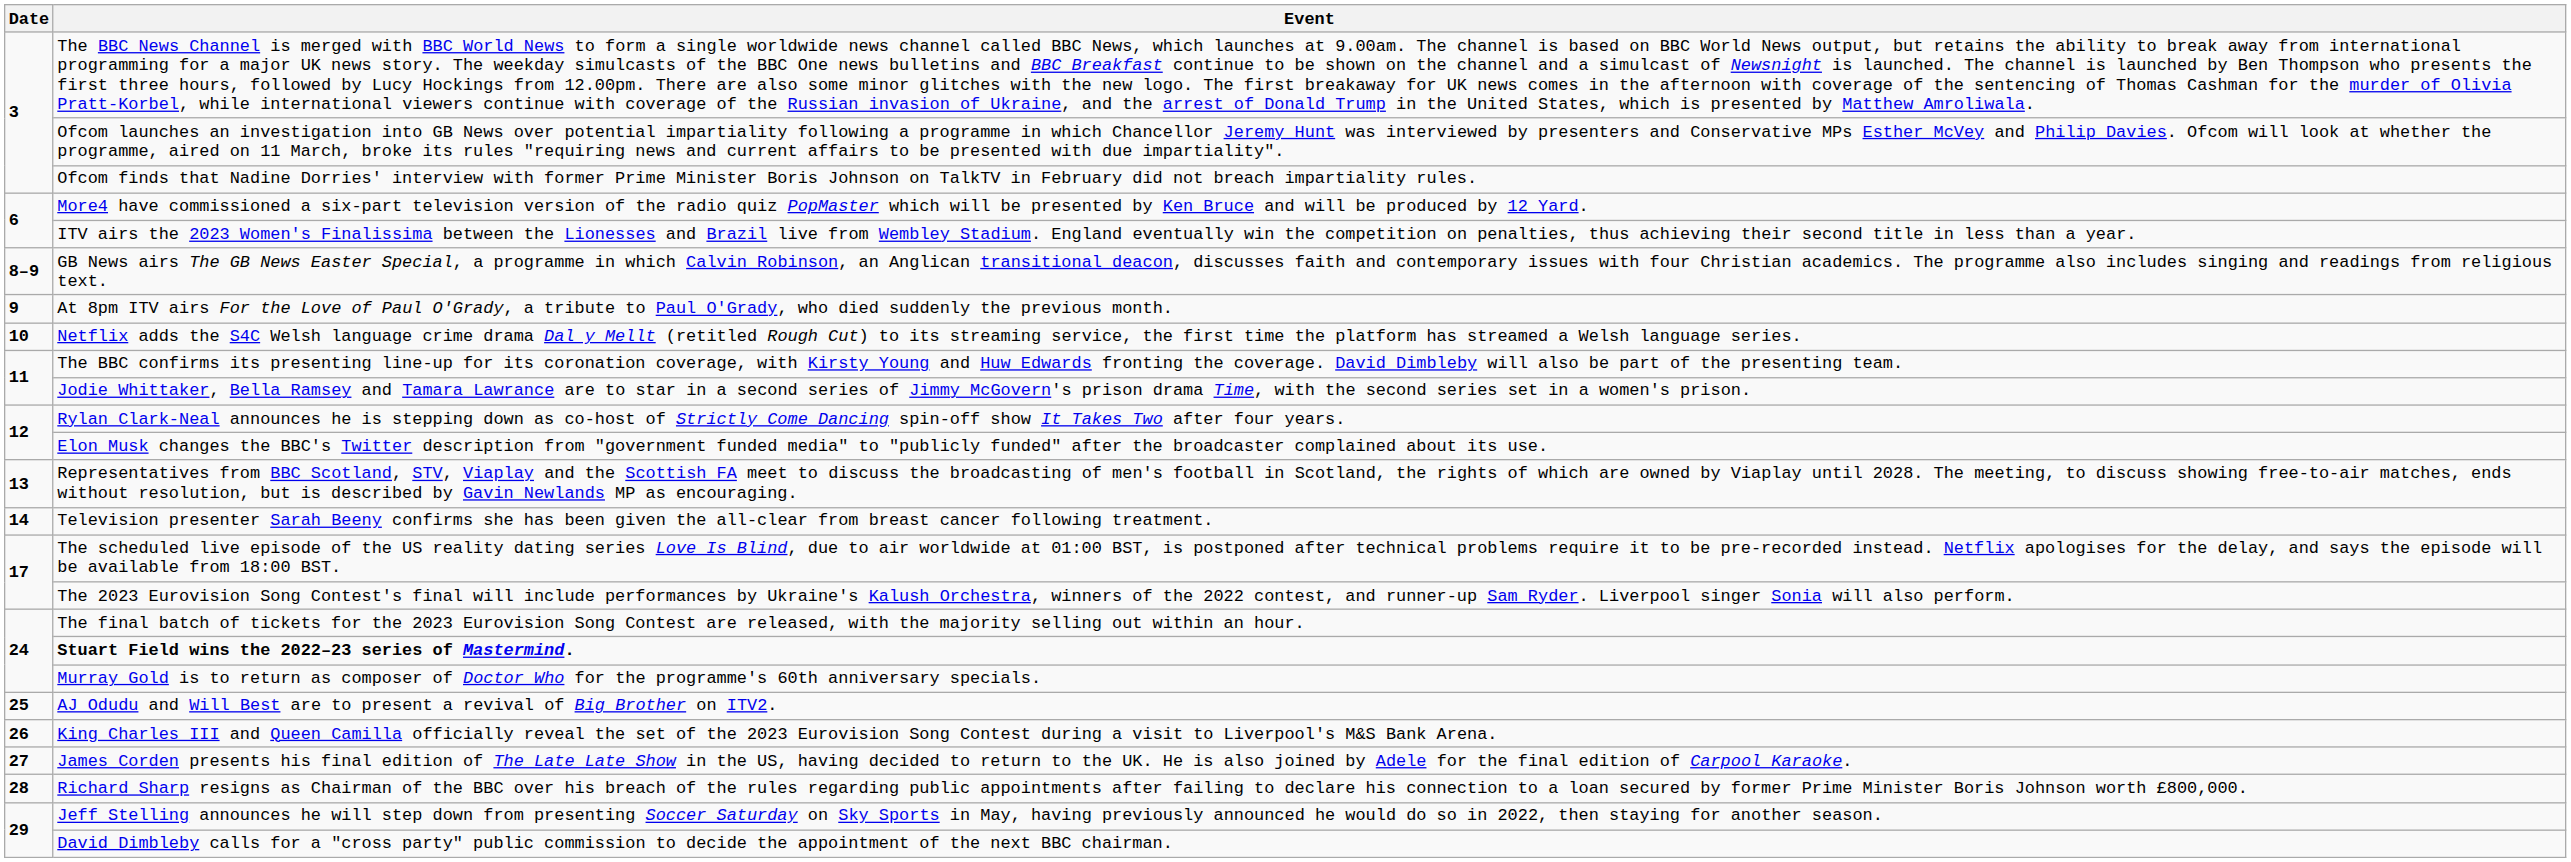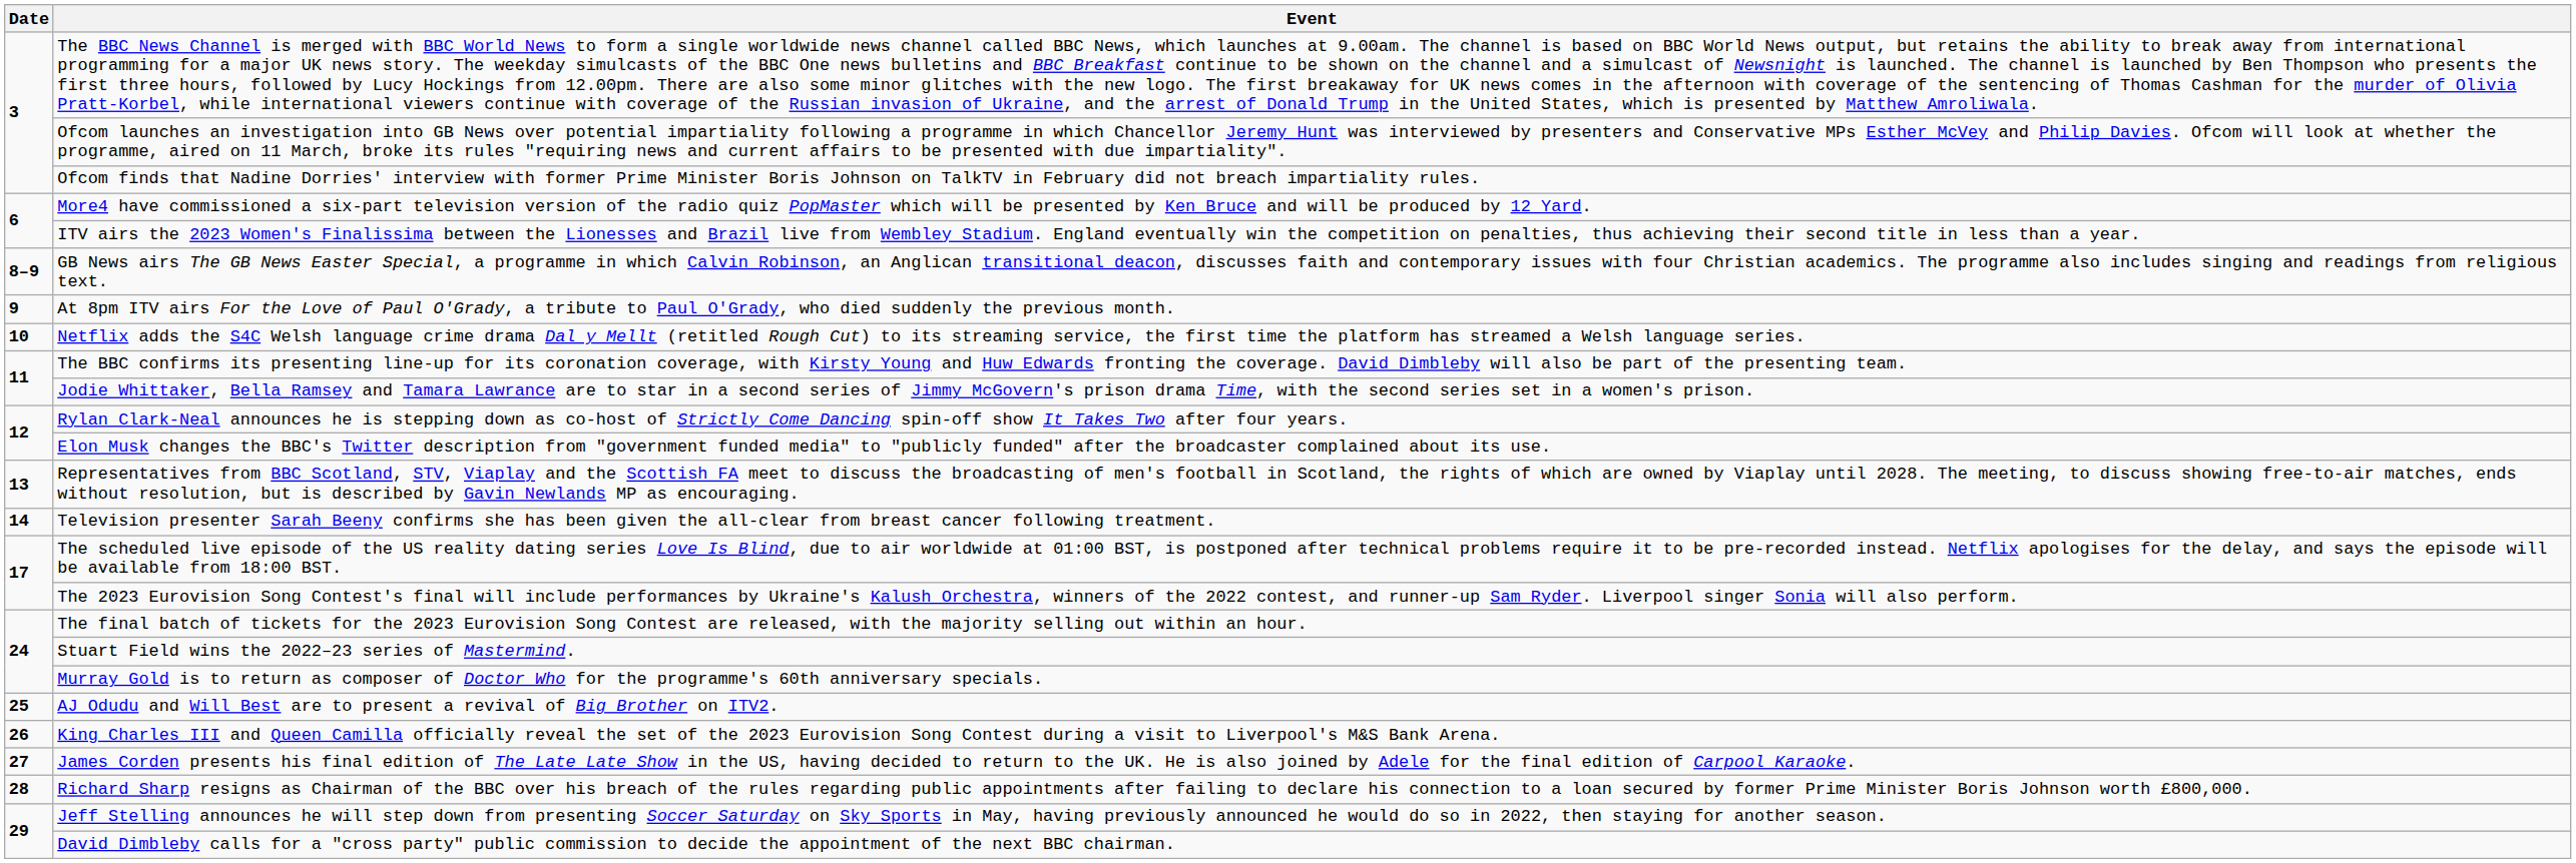 <table class="wikitable">
 <tr>
 <th>Date</th>
 <th>Event</th>
 </tr>
 <tr>
 <td rowspan=3><strong>3</strong></td>
 <td>The <a href='#'>BBC News Channel</a> is merged with <a href='#'>BBC World News</a> to form a single worldwide news channel called BBC News, which launches at 9.00am. The channel is based on BBC World News output, but retains the ability to break away from international programming for a major UK news story. The weekday simulcasts of the BBC One news bulletins and <em><a href='#'>BBC Breakfast</a></em> continue to be shown on the channel and a simulcast of <em><a href='#'>Newsnight</a></em> is launched. The channel is launched by Ben Thompson who presents the first three hours, followed by Lucy Hockings from 12.00pm. There are also some minor glitches with the new logo. The first breakaway for UK news comes in the afternoon with coverage of the sentencing of Thomas Cashman for the <a href='#'>murder of Olivia Pratt-Korbel</a>, while international viewers continue with coverage of the <a href='#'>Russian invasion of Ukraine</a>, and the <a href='#'>arrest of Donald Trump</a> in the United States, which is presented by <a href='#'>Matthew Amroliwala</a>.</td>
 </tr>
 <tr>
 <td>Ofcom launches an investigation into GB News over potential impartiality following a programme in which Chancellor <a href='#'>Jeremy Hunt</a> was interviewed by presenters and Conservative MPs <a href='#'>Esther McVey</a> and <a href='#'>Philip Davies</a>. Ofcom will look at whether the programme, aired on 11 March, broke its rules "requiring news and current affairs to be presented with due impartiality".</td>
 </tr>
 <tr>
 <td>Ofcom finds that Nadine Dorries' interview with former Prime Minister Boris Johnson on TalkTV in February did not breach impartiality rules.</td>
 </tr>
 <tr>
 <td rowspan=2><strong>6</strong></td>
 <td><a href='#'>More4</a> have commissioned a six-part television version of the radio quiz <em><a href='#'>PopMaster</a></em> which will be presented by <a href='#'>Ken Bruce</a> and will be produced by <a href='#'>12 Yard</a>.</td>
 </tr>
 <tr>
 <td>ITV airs the <a href='#'>2023 Women's Finalissima</a> between the <a href='#'>Lionesses</a> and <a href='#'>Brazil</a> live from <a href='#'>Wembley Stadium</a>. England eventually win the competition on penalties, thus achieving their second title in less than a year.</td>
 </tr>
 <tr>
 <td><strong>8–9</strong></td>
 <td>GB News airs <em>The GB News Easter Special</em>, a programme in which <a href='#'>Calvin Robinson</a>, an Anglican <a href='#'>transitional deacon</a>, discusses faith and contemporary issues with four Christian academics. The programme also includes singing and readings from religious text.</td>
 </tr>
 <tr>
 <td><strong>9</strong></td>
 <td>At 8pm ITV airs <em>For the Love of Paul O'Grady</em>, a tribute to <a href='#'>Paul O'Grady</a>, who died suddenly the previous month.</td>
 </tr>
 <tr>
 <td><strong>10</strong></td>
 <td><a href='#'>Netflix</a> adds the <a href='#'>S4C</a> Welsh language crime drama <em><a href='#'>Dal y Mellt</a></em> (retitled <em>Rough Cut</em>) to its streaming service, the first time the platform has streamed a Welsh language series.</td>
 </tr>
 <tr>
 <td rowspan=2><strong>11</strong></td>
 <td>The BBC confirms its presenting line-up for its coronation coverage, with <a href='#'>Kirsty Young</a> and <a href='#'>Huw Edwards</a> fronting the coverage. <a href='#'>David Dimbleby</a> will also be part of the presenting team.</td>
 </tr>
 <tr>
 <td><a href='#'>Jodie Whittaker</a>, <a href='#'>Bella Ramsey</a> and <a href='#'>Tamara Lawrance</a> are to star in a second series of <a href='#'>Jimmy McGovern</a>'s prison drama <em><a href='#'>Time</a></em>, with the second series set in a women's prison.</td>
 </tr>
 <tr>
 <td rowspan=2><strong>12</strong></td>
 <td><a href='#'>Rylan Clark-Neal</a> announces he is stepping down as co-host of <em><a href='#'>Strictly Come Dancing</a></em> spin-off show <em><a href='#'>It Takes Two</a></em> after four years.</td>
 </tr>
 <tr>
 <td><a href='#'>Elon Musk</a> changes the BBC's <a href='#'>Twitter</a> description from "government funded media" to "publicly funded" after the broadcaster complained about its use.</td>
 </tr>
 <tr>
 <td><strong>13</strong></td>
 <td>Representatives from <a href='#'>BBC Scotland</a>, <a href='#'>STV</a>, <a href='#'>Viaplay</a> and the <a href='#'>Scottish FA</a> meet to discuss the broadcasting of men's football in Scotland, the rights of which are owned by Viaplay until 2028. The meeting, to discuss showing free-to-air matches, ends without resolution, but is described by <a href='#'>Gavin Newlands</a> MP as encouraging.</td>
 </tr>
 <tr>
 <td><strong>14</strong></td>
 <td>Television presenter <a href='#'>Sarah Beeny</a> confirms she has been given the all-clear from breast cancer following treatment.</td>
 </tr>
 <tr>
 <td rowspan=2><strong>17</strong></td>
 <td>The scheduled live episode of the US reality dating series <em><a href='#'>Love Is Blind</a></em>, due to air worldwide at 01:00 BST, is postponed after technical problems require it to be pre-recorded instead. <a href='#'>Netflix</a> apologises for the delay, and says the episode will be available from 18:00 BST.</td>
 </tr>
 <tr>
 <td>The 2023 Eurovision Song Contest's final will include performances by Ukraine's <a href='#'>Kalush Orchestra</a>, winners of the 2022 contest, and runner-up <a href='#'>Sam Ryder</a>. Liverpool singer <a href='#'>Sonia</a> will also perform.</td>
 </tr>
 <tr>
 <td rowspan=3><strong>24</strong></td>
 <td>The final batch of tickets for the 2023 Eurovision Song Contest are released, with the majority selling out within an hour.</td>
 </tr>
 <tr>
-<td><strong>Stuart Field wins the 2022–23 series of <em><a href='#'>Mastermind</a></em>.</strong></td>
+<td>Stuart Field wins the 2022–23 series of <em><a href='#'>Mastermind</a></em>.</td>
 </tr>
 <tr>
 <td><a href='#'>Murray Gold</a> is to return as composer of <em><a href='#'>Doctor Who</a></em> for the programme's 60th anniversary specials.</td>
 </tr>
 <tr>
 <td><strong>25</strong></td>
 <td><a href='#'>AJ Odudu</a> and <a href='#'>Will Best</a> are to present a revival of <em><a href='#'>Big Brother</a></em> on <a href='#'>ITV2</a>.</td>
 </tr>
 <tr>
 <td><strong>26</strong></td>
 <td><a href='#'>King Charles III</a> and <a href='#'>Queen Camilla</a> officially reveal the set of the 2023 Eurovision Song Contest during a visit to Liverpool's M&S Bank Arena.</td>
 </tr>
 <tr>
 <td><strong>27</strong></td>
 <td><a href='#'>James Corden</a> presents his final edition of <em><a href='#'>The Late Late Show</a></em> in the US, having decided to return to the UK. He is also joined by <a href='#'>Adele</a> for the final edition of <em><a href='#'>Carpool Karaoke</a></em>.</td>
 </tr>
 <tr>
 <td><strong>28</strong></td>
 <td><a href='#'>Richard Sharp</a> resigns as Chairman of the BBC over his breach of the rules regarding public appointments after failing to declare his connection to a loan secured by former Prime Minister Boris Johnson worth £800,000.</td>
 </tr>
 <tr>
 <td rowspan=2><strong>29</strong></td>
 <td><a href='#'>Jeff Stelling</a> announces he will step down from presenting <em><a href='#'>Soccer Saturday</a></em> on <a href='#'>Sky Sports</a> in May, having previously announced he would do so in 2022, then staying for another season.</td>
 </tr>
 <tr>
 <td><a href='#'>David Dimbleby</a> calls for a "cross party" public commission to decide the appointment of the next BBC chairman.</td>
 </tr>
 </table>
